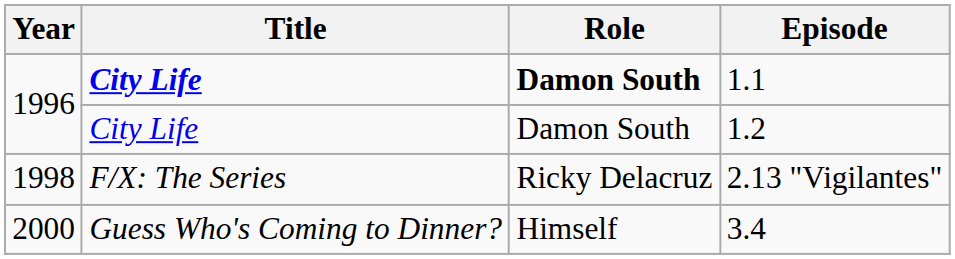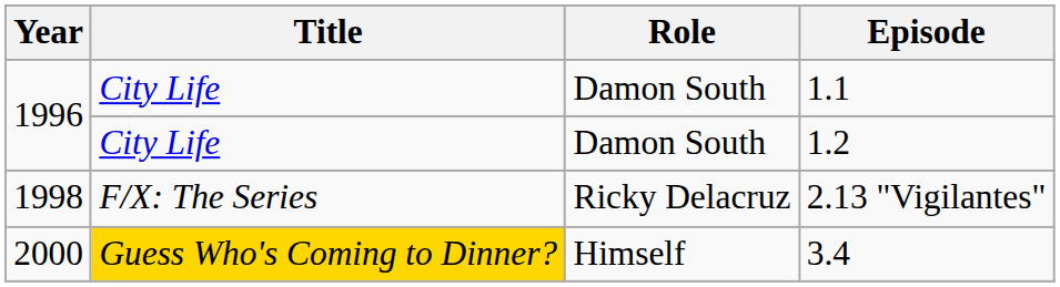 <table class="wikitable">
 <tr>
 <th>Year</th>
 <th>Title</th>
 <th>Role</th>
 <th>Episode</th>
 </tr>
 <tr>
 <td rowspan=2>1996</td>
-<td><strong><em><a href='#'>City Life</a></em></strong></td>
-<td><strong>Damon South</strong></td>
+<td><em><a href='#'>City Life</a></em></td>
+<td>Damon South</td>
 <td>1.1</td>
 </tr>
 <tr>
 <td><em><a href='#'>City Life</a></em></td>
 <td>Damon South</td>
 <td>1.2</td>
 </tr>
 <tr>
 <td>1998</td>
 <td><em>F/X: The Series</em></td>
 <td>Ricky Delacruz</td>
 <td>2.13 "Vigilantes"</td>
 </tr>
 <tr>
 <td>2000</td>
-<td><em>Guess Who's Coming to Dinner?</em></td>
+<td style="background: gold;"><em>Guess Who's Coming to Dinner?</em></td>
 <td>Himself</td>
 <td>3.4</td>
 </tr>
 </table>
